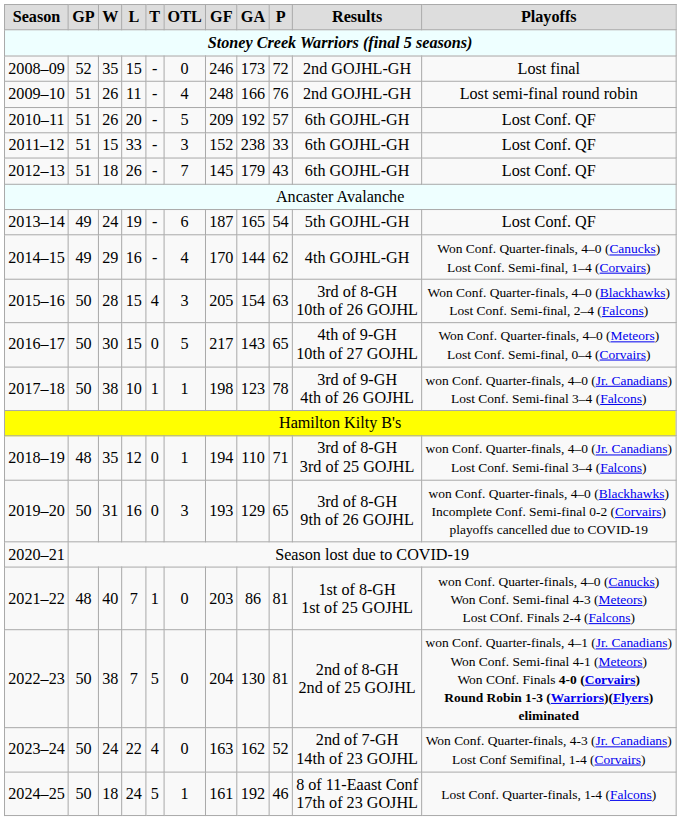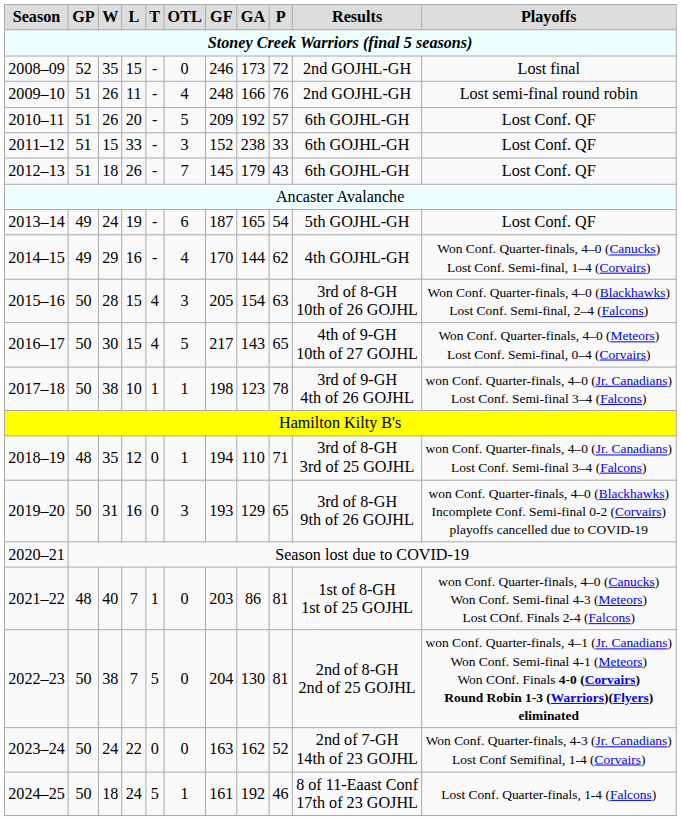 <table class="wikitable">
 <tr align="center"  bgcolor="#dddddd">
 <td><strong>Season</strong></td>
 <td><strong>GP</strong></td>
 <td><strong>W</strong></td>
 <td><strong>L</strong></td>
 <td><strong>T</strong></td>
 <td><strong>OTL</strong></td>
 <td><strong>GF</strong></td>
 <td><strong>GA</strong></td>
 <td><strong>P</strong></td>
 <td><strong>Results</strong></td>
 <td><strong>Playoffs</strong></td>
 </tr>
 <tr style="text-align:center; background:#eff;">
 <td colspan="11"><strong><em>Stoney Creek Warriors<strong> (final 5 seasons)<em></td>
 </tr>
 <tr align="center">
 <td>2008–09</td>
 <td>52</td>
 <td>35</td>
 <td>15</td>
 <td>-</td>
 <td>0</td>
 <td>246</td>
 <td>173</td>
 <td>72</td>
 <td>2nd GOJHL-GH</td>
 <td>Lost final</td>
 </tr>
 <tr align="center">
 <td>2009–10</td>
 <td>51</td>
 <td>26</td>
 <td>11</td>
 <td>-</td>
 <td>4</td>
 <td>248</td>
 <td>166</td>
 <td>76</td>
 <td>2nd GOJHL-GH</td>
 <td>Lost semi-final round robin</td>
 </tr>
 <tr align="center">
 <td>2010–11</td>
 <td>51</td>
 <td>26</td>
 <td>20</td>
 <td>-</td>
 <td>5</td>
 <td>209</td>
 <td>192</td>
 <td>57</td>
 <td>6th GOJHL-GH</td>
 <td>Lost Conf. QF</td>
 </tr>
 <tr align="center">
 <td>2011–12</td>
 <td>51</td>
 <td>15</td>
 <td>33</td>
 <td>-</td>
 <td>3</td>
 <td>152</td>
 <td>238</td>
 <td>33</td>
 <td>6th GOJHL-GH</td>
 <td>Lost Conf. QF</td>
 </tr>
 <tr align="center">
 <td>2012–13</td>
 <td>51</td>
 <td>18</td>
 <td>26</td>
 <td>-</td>
 <td>7</td>
 <td>145</td>
 <td>179</td>
 <td>43</td>
 <td>6th GOJHL-GH</td>
 <td>Lost Conf. QF</td>
 </tr>
 <tr style="text-align:center; background:#eff;">
 <td colspan="11"></em></strong>Ancaster Avalanche<strong><em></td>
 </tr>
 <tr align="center">
 <td>2013–14</td>
 <td>49</td>
 <td>24</td>
 <td>19</td>
 <td>-</td>
 <td>6</td>
 <td>187</td>
 <td>165</td>
 <td>54</td>
 <td>5th GOJHL-GH</td>
 <td>Lost Conf. QF</td>
 </tr>
 <tr align="center">
 <td>2014–15</td>
 <td>49</td>
 <td>29</td>
 <td>16</td>
 <td>-</td>
 <td>4</td>
 <td>170</td>
 <td>144</td>
 <td>62</td>
 <td>4th GOJHL-GH</td>
 <td><small>Won Conf. Quarter-finals, 4–0 (<a href='#'>Canucks</a>)<br>Lost Conf. Semi-final, 1–4 (<a href='#'>Corvairs</a>)</small></td>
 </tr>
 <tr align="center">
 <td>2015–16</td>
 <td>50</td>
 <td>28</td>
 <td>15</td>
 <td>4</td>
 <td>3</td>
 <td>205</td>
 <td>154</td>
 <td>63</td>
 <td>3rd of 8-GH<br>10th of 26 GOJHL</td>
 <td><small>Won Conf. Quarter-finals, 4–0 (<a href='#'>Blackhawks</a>)<br>Lost Conf. Semi-final, 2–4 (<a href='#'>Falcons</a>)</small></td>
 </tr>
 <tr align="center">
 <td>2016–17</td>
 <td>50</td>
 <td>30</td>
 <td>15</td>
-<td>0</td>
+<td>4</td>
 <td>5</td>
 <td>217</td>
 <td>143</td>
 <td>65</td>
 <td>4th of 9-GH<br>10th of 27 GOJHL</td>
 <td><small>Won Conf. Quarter-finals, 4–0 (<a href='#'>Meteors</a>)<br>Lost Conf. Semi-final, 0–4 (<a href='#'>Corvairs</a>)</small></td>
 </tr>
 <tr align="center">
 <td>2017–18</td>
 <td>50</td>
 <td>38</td>
 <td>10</td>
 <td>1</td>
 <td>1</td>
 <td>198</td>
 <td>123</td>
 <td>78</td>
 <td>3rd of 9-GH<br>4th of 26 GOJHL</td>
 <td><small>won Conf. Quarter-finals, 4–0 (<a href='#'>Jr. Canadians</a>)<br>Lost Conf. Semi-final 3–4 (<a href='#'>Falcons</a>)</small></td>
 </tr>
 <tr style="text-align:center; background:yellow">
 <td colspan="11"></em></strong>Hamilton Kilty B's<strong><em></td>
 </tr>
 <tr align="center">
 <td>2018–19</td>
 <td>48</td>
 <td>35</td>
 <td>12</td>
 <td>0</td>
 <td>1</td>
 <td>194</td>
 <td>110</td>
 <td>71</td>
 <td>3rd of 8-GH<br>3rd of 25 GOJHL</td>
 <td><small>won Conf. Quarter-finals, 4–0 (<a href='#'>Jr. Canadians</a>)<br>Lost Conf. Semi-final 3–4 (<a href='#'>Falcons</a>)</small></td>
 </tr>
 <tr align="center">
 <td>2019–20</td>
 <td>50</td>
 <td>31</td>
 <td>16</td>
 <td>0</td>
 <td>3</td>
 <td>193</td>
 <td>129</td>
 <td>65</td>
 <td>3rd of 8-GH<br>9th of 26 GOJHL</td>
 <td><small>won Conf. Quarter-finals, 4–0 (<a href='#'>Blackhawks</a>)<br>Incomplete Conf. Semi-final 0-2 (<a href='#'>Corvairs</a>)<br>playoffs cancelled due to COVID-19</small></td>
 </tr>
 <tr align="center">
 <td>2020–21</td>
 <td colspan=10>Season lost due to COVID-19</td>
 </tr>
 <tr align="center">
 <td>2021–22</td>
 <td>48</td>
 <td>40</td>
 <td>7</td>
 <td>1</td>
 <td>0</td>
 <td>203</td>
 <td>86</td>
 <td>81</td>
 <td></strong>1st of 8-GH<strong><br></strong>1st of 25 GOJHL<strong></td>
 <td><small>won Conf. Quarter-finals, 4–0 (<a href='#'>Canucks</a>)<br>Won Conf. Semi-final 4-3 (<a href='#'>Meteors</a>)<br>Lost COnf. Finals 2-4 (<a href='#'>Falcons</a>)</small></td>
 </tr>
 <tr align="center">
 <td>2022–23</td>
 <td>50</td>
 <td>38</td>
 <td>7</td>
 <td>5</td>
 <td>0</td>
 <td>204</td>
 <td>130</td>
 <td>81</td>
 <td>2nd of 8-GH<br>2nd of 25 GOJHL</td>
 <td><small>won Conf. Quarter-finals, 4–1 (<a href='#'>Jr. Canadians</a>)<br>Won Conf. Semi-final 4-1 (<a href='#'>Meteors</a>)<br></strong>Won COnf. Finals<strong> 4-0 (<a href='#'>Corvairs</a>)<br>Round Robin 1-3 (<a href='#'>Warriors</a>)(<a href='#'>Flyers</a>)<br></em>eliminated<em></small></td>
 </tr>
 <tr align="center">
 <td>2023–24</td>
 <td>50</td>
 <td>24</td>
 <td>22</td>
-<td>4</td>
+<td>0</td>
 <td>0</td>
 <td>163</td>
 <td>162</td>
 <td>52</td>
 <td>2nd of 7-GH<br>14th of 23 GOJHL</td>
 <td><small>Won Conf. Quarter-finals, 4-3 (<a href='#'>Jr. Canadians</a>)<br>Lost Conf Semifinal, 1-4 (<a href='#'>Corvairs</a>)</small></td>
 </tr>
 <tr align="center">
 <td>2024–25</td>
 <td>50</td>
 <td>18</td>
 <td>24</td>
 <td>5</td>
 <td>1</td>
 <td>161</td>
 <td>192</td>
 <td>46</td>
 <td>8 of 11-Eaast Conf<br>17th of 23 GOJHL</td>
 <td><small>Lost Conf. Quarter-finals, 1-4 (<a href='#'>Falcons</a>)</small></td>
 </tr>
 </table>
